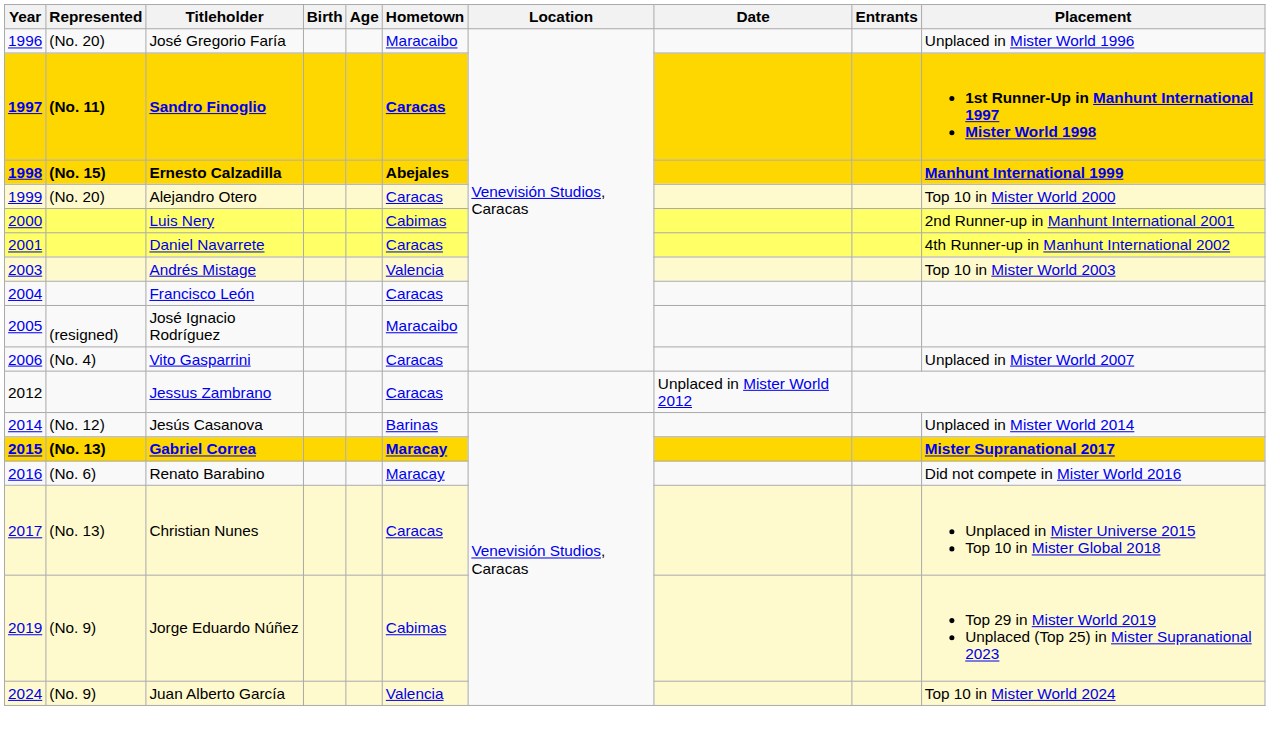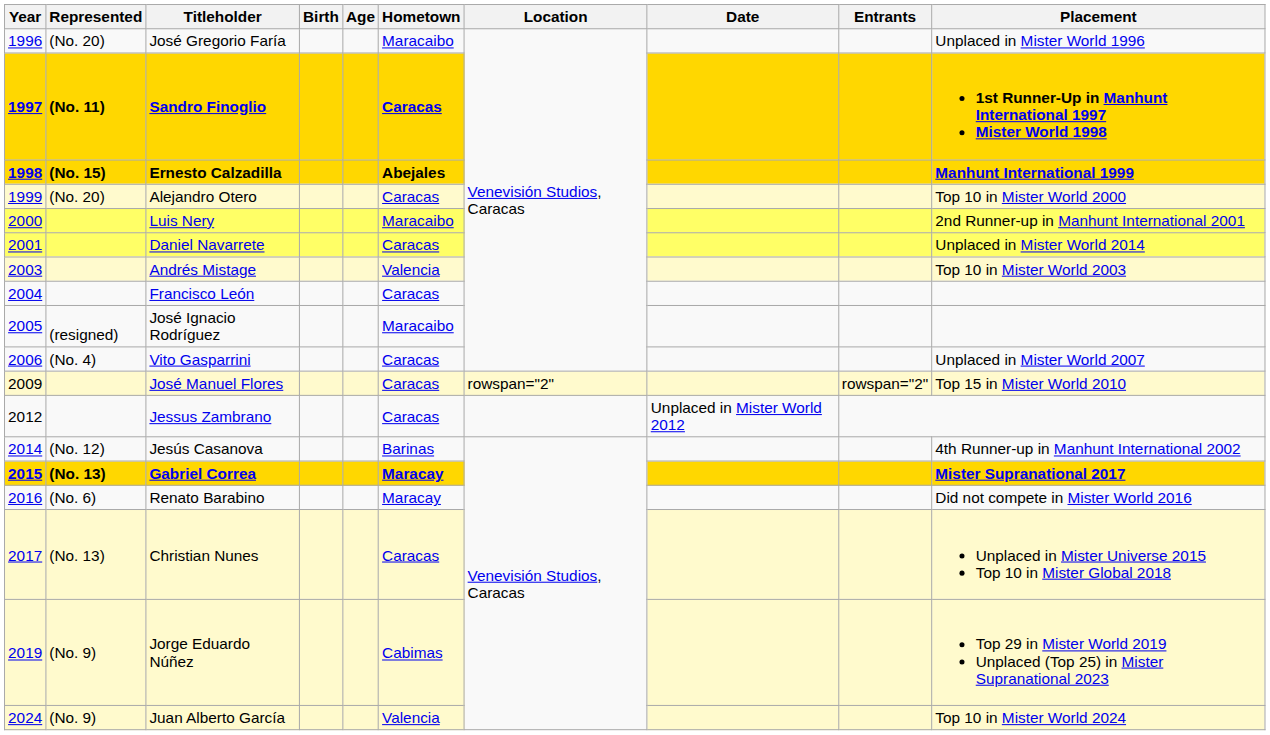 <table class="wikitable sortable" style="font-size: 95%;">
 <tr>
 <th>Year</th>
 <th>Represented</th>
 <th>Titleholder</th>
 <th>Birth</th>
 <th>Age</th>
 <th>Hometown</th>
 <th>Location</th>
 <th>Date</th>
 <th>Entrants</th>
 <th>Placement</th>
 </tr>
 <tr>
 <td><a href='#'>1996</a></td>
 <td> (No. 20)</td>
 <td>José Gregorio Faría</td>
 <td></td>
 <td></td>
 <td><a href='#'>Maracaibo</a></td>
 <td rowspan="10"><a href='#'>Venevisión Studios</a>, Caracas</td>
 <td></td>
 <td></td>
 <td>Unplaced in <a href='#'>Mister World 1996</a></td>
 </tr>
 <tr style="background-color:gold; font-weight: bold ">
 <td><a href='#'>1997</a></td>
 <td> (No. 11)</td>
 <td><a href='#'>Sandro Finoglio</a></td>
 <td></td>
 <td></td>
 <td><a href='#'>Caracas</a></td>
 <td></td>
 <td></td>
 <td><br><ul><li>1st Runner-Up in <a href='#'>Manhunt International 1997</a></li><li><a href='#'>Mister World 1998</a></li></ul></td>
 </tr>
 <tr style="background-color:gold; font-weight: bold ">
 <td><a href='#'>1998</a></td>
 <td> (No. 15)</td>
 <td>Ernesto Calzadilla</td>
 <td></td>
 <td></td>
 <td>Abejales</td>
 <td></td>
 <td></td>
 <td><a href='#'>Manhunt International 1999</a></td>
 </tr>
 <tr style="background-color:#FFFACD;">
 <td><a href='#'>1999</a></td>
 <td> (No. 20)</td>
 <td>Alejandro Otero</td>
 <td></td>
 <td></td>
 <td><a href='#'>Caracas</a></td>
 <td></td>
 <td></td>
 <td>Top 10 in <a href='#'>Mister World 2000</a></td>
 </tr>
 <tr style="background-color:#FFFF66;">
 <td><a href='#'>2000</a></td>
 <td></td>
 <td><a href='#'>Luis Nery</a></td>
 <td></td>
 <td></td>
-<td><a href='#'>Cabimas</a></td>
+<td><a href='#'>Maracaibo</a></td>
 <td></td>
 <td></td>
 <td>2nd Runner-up in <a href='#'>Manhunt International 2001</a></td>
 </tr>
 <tr style="background-color:#FFFF66;">
 <td><a href='#'>2001</a></td>
 <td></td>
 <td><a href='#'>Daniel Navarrete</a></td>
 <td></td>
 <td></td>
 <td><a href='#'>Caracas</a></td>
 <td></td>
 <td></td>
-<td>4th Runner-up in <a href='#'>Manhunt International 2002</a></td>
+<td>Unplaced in <a href='#'>Mister World 2014</a></td>
 </tr>
 <tr style="background-color:#FFFACD;">
 <td><a href='#'>2003</a></td>
 <td></td>
 <td><a href='#'>Andrés Mistage</a></td>
 <td></td>
 <td></td>
 <td><a href='#'>Valencia</a></td>
 <td></td>
 <td></td>
 <td>Top 10 in <a href='#'>Mister World 2003</a></td>
 </tr>
 <tr>
 <td><a href='#'>2004</a></td>
 <td></td>
 <td><a href='#'>Francisco León</a></td>
 <td></td>
 <td></td>
 <td><a href='#'>Caracas</a></td>
 <td></td>
 <td></td>
 <td></td>
 </tr>
 <tr>
 <td><a href='#'>2005</a></td>
 <td><br>(resigned)</td>
 <td>José Ignacio Rodríguez</td>
 <td></td>
 <td></td>
 <td><a href='#'>Maracaibo</a></td>
 <td></td>
 <td></td>
 <td></td>
 </tr>
 <tr>
 <td><a href='#'>2006</a></td>
 <td> (No. 4)</td>
 <td><a href='#'>Vito Gasparrini</a></td>
 <td></td>
 <td></td>
 <td><a href='#'>Caracas</a></td>
 <td></td>
 <td></td>
 <td>Unplaced in <a href='#'>Mister World 2007</a></td>
 </tr>
+<tr style="background: #FFFACD;">
+<td>2009</td>
+<td></td>
+<td><a href='#'>José Manuel Flores</a></td>
+<td></td>
+<td></td>
+<td><a href='#'>Caracas</a></td>
+<td>rowspan="2" </td>
+<td></td>
+<td>rowspan="2" </td>
+<td>Top 15 in <a href='#'>Mister World 2010</a></td>
+</tr>
 <tr>
 <td>2012</td>
 <td></td>
 <td><a href='#'>Jessus Zambrano</a></td>
 <td></td>
 <td></td>
 <td><a href='#'>Caracas</a></td>
 <td></td>
 <td>Unplaced in <a href='#'>Mister World 2012</a></td>
 </tr>
 <tr>
 <td><a href='#'>2014</a></td>
 <td> (No. 12)</td>
 <td>Jesús Casanova</td>
 <td></td>
 <td></td>
 <td><a href='#'>Barinas</a></td>
 <td rowspan="6"><a href='#'>Venevisión Studios</a>, Caracas</td>
 <td></td>
 <td></td>
-<td>Unplaced in <a href='#'>Mister World 2014</a></td>
+<td>4th Runner-up in <a href='#'>Manhunt International 2002</a></td>
 </tr>
 <tr style="background-color:gold; font-weight: bold ">
 <td><a href='#'>2015</a></td>
 <td> (No. 13)</td>
 <td><a href='#'>Gabriel Correa</a></td>
 <td></td>
 <td></td>
 <td><a href='#'>Maracay</a></td>
 <td></td>
 <td></td>
 <td><a href='#'>Mister Supranational 2017</a></td>
 </tr>
 <tr>
 <td><a href='#'>2016</a></td>
 <td> (No. 6)</td>
 <td>Renato Barabino</td>
 <td></td>
 <td></td>
 <td><a href='#'>Maracay</a></td>
 <td></td>
 <td></td>
 <td>Did not compete in <a href='#'>Mister World 2016</a></td>
 </tr>
 <tr style="background-color:#FFFACD;">
 <td><a href='#'>2017</a></td>
 <td> (No. 13)</td>
 <td>Christian Nunes</td>
 <td></td>
 <td></td>
 <td><a href='#'>Caracas</a></td>
 <td></td>
 <td></td>
 <td><br><ul><li>Unplaced in <a href='#'>Mister Universe 2015</a></li><li>Top 10 in <a href='#'>Mister Global 2018</a></li></ul></td>
 </tr>
 <tr style="background-color:#FFFACD;">
 <td><a href='#'>2019</a></td>
 <td> (No. 9)</td>
 <td>Jorge Eduardo Núñez</td>
 <td></td>
 <td></td>
 <td><a href='#'>Cabimas</a></td>
 <td></td>
 <td></td>
 <td><br><ul><li>Top 29 in <a href='#'>Mister World 2019</a></li><li>Unplaced (Top 25) in <a href='#'>Mister Supranational 2023</a></li></ul></td>
 </tr>
 <tr style="background-color:#FFFACD;">
 <td><a href='#'>2024</a></td>
 <td> (No. 9)</td>
 <td>Juan Alberto García</td>
 <td></td>
 <td></td>
 <td><a href='#'>Valencia</a></td>
 <td></td>
 <td></td>
 <td>Top 10 in <a href='#'>Mister World 2024</a></td>
 </tr>
 </table>
